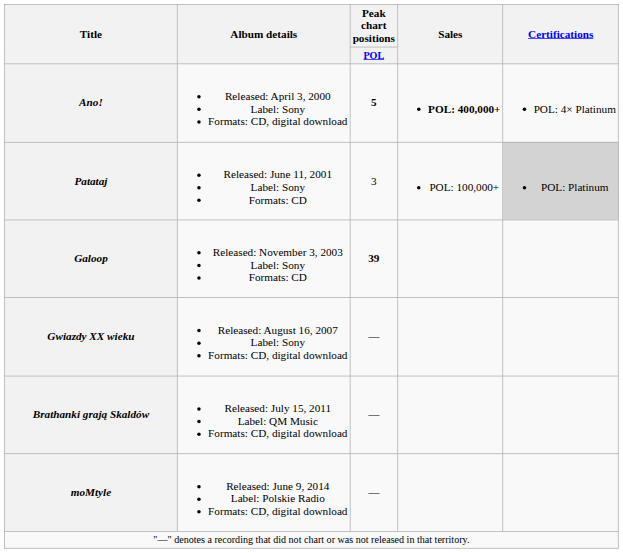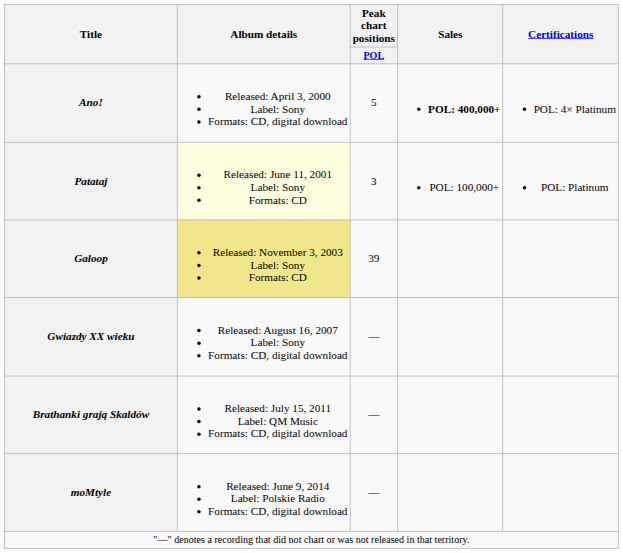 <table class="wikitable plainrowheaders" style="text-align:center;">
 <tr>
 <th scope="col" rowspan="2" style="width:15em;">Title</th>
 <th scope="col" rowspan="2">Album details</th>
 <th scope="col" colspan="1">Peak chart positions</th>
 <th scope="col" rowspan="2">Sales</th>
 <th scope="col" rowspan="2"><a href='#'>Certifications</a></th>
 </tr>
 <tr>
 <th scope="col" style="width:3em;font-size:90%;"><a href='#'>POL</a><br></th>
 </tr>
 <tr>
 <th scope="row"><em>Ano!</em></th>
 <td><br><ul><li>Released: April 3, 2000</li><li>Label: Sony</li><li>Formats: CD, digital download</li></ul></td>
-<td><strong>5</strong></td>
+<td>5</td>
 <td><strong><br><ul><li>POL: 400,000+</li></ul></strong></td>
 <td><br><ul><li>POL: 4× Platinum</li></ul></td>
 </tr>
 <tr>
 <th scope="row"><em>Patataj</em></th>
-<td><br><ul><li>Released: June 11, 2001</li><li>Label: Sony</li><li>Formats: CD</li></ul></td>
+<td style="background: lightyellow;"><br><ul><li>Released: June 11, 2001</li><li>Label: Sony</li><li>Formats: CD</li></ul></td>
 <td>3</td>
 <td><br><ul><li>POL: 100,000+</li></ul></td>
-<td style="background: lightgrey;"><br><ul><li>POL: Platinum</li></ul></td>
+<td><br><ul><li>POL: Platinum</li></ul></td>
 </tr>
 <tr>
 <th scope="row"><em>Galoop</em></th>
-<td><br><ul><li>Released: November 3, 2003</li><li>Label: Sony</li><li>Formats: CD</li></ul></td>
-<td><strong>39</strong></td>
+<td style="background: khaki;"><br><ul><li>Released: November 3, 2003</li><li>Label: Sony</li><li>Formats: CD</li></ul></td>
+<td>39</td>
 <td></td>
 <td></td>
 </tr>
 <tr>
 <th scope="row"><em>Gwiazdy XX wieku</em></th>
 <td><br><ul><li>Released: August 16, 2007</li><li>Label: Sony</li><li>Formats: CD, digital download</li></ul></td>
 <td>—</td>
 <td></td>
 <td></td>
 </tr>
 <tr>
 <th scope="row"><em>Brathanki grają Skaldów</em></th>
 <td><br><ul><li>Released: July 15, 2011</li><li>Label: QM Music</li><li>Formats: CD, digital download</li></ul></td>
 <td>—</td>
 <td></td>
 <td></td>
 </tr>
 <tr>
 <th scope="row"><em>moMtyle</em></th>
 <td><br><ul><li>Released: June 9, 2014</li><li>Label: Polskie Radio</li><li>Formats: CD, digital download</li></ul></td>
 <td>—</td>
 <td></td>
 <td></td>
 </tr>
 <tr>
 <td colspan="10" style="font-size:90%">"—" denotes a recording that did not chart or was not released in that territory.</td>
 </tr>
 </table>
